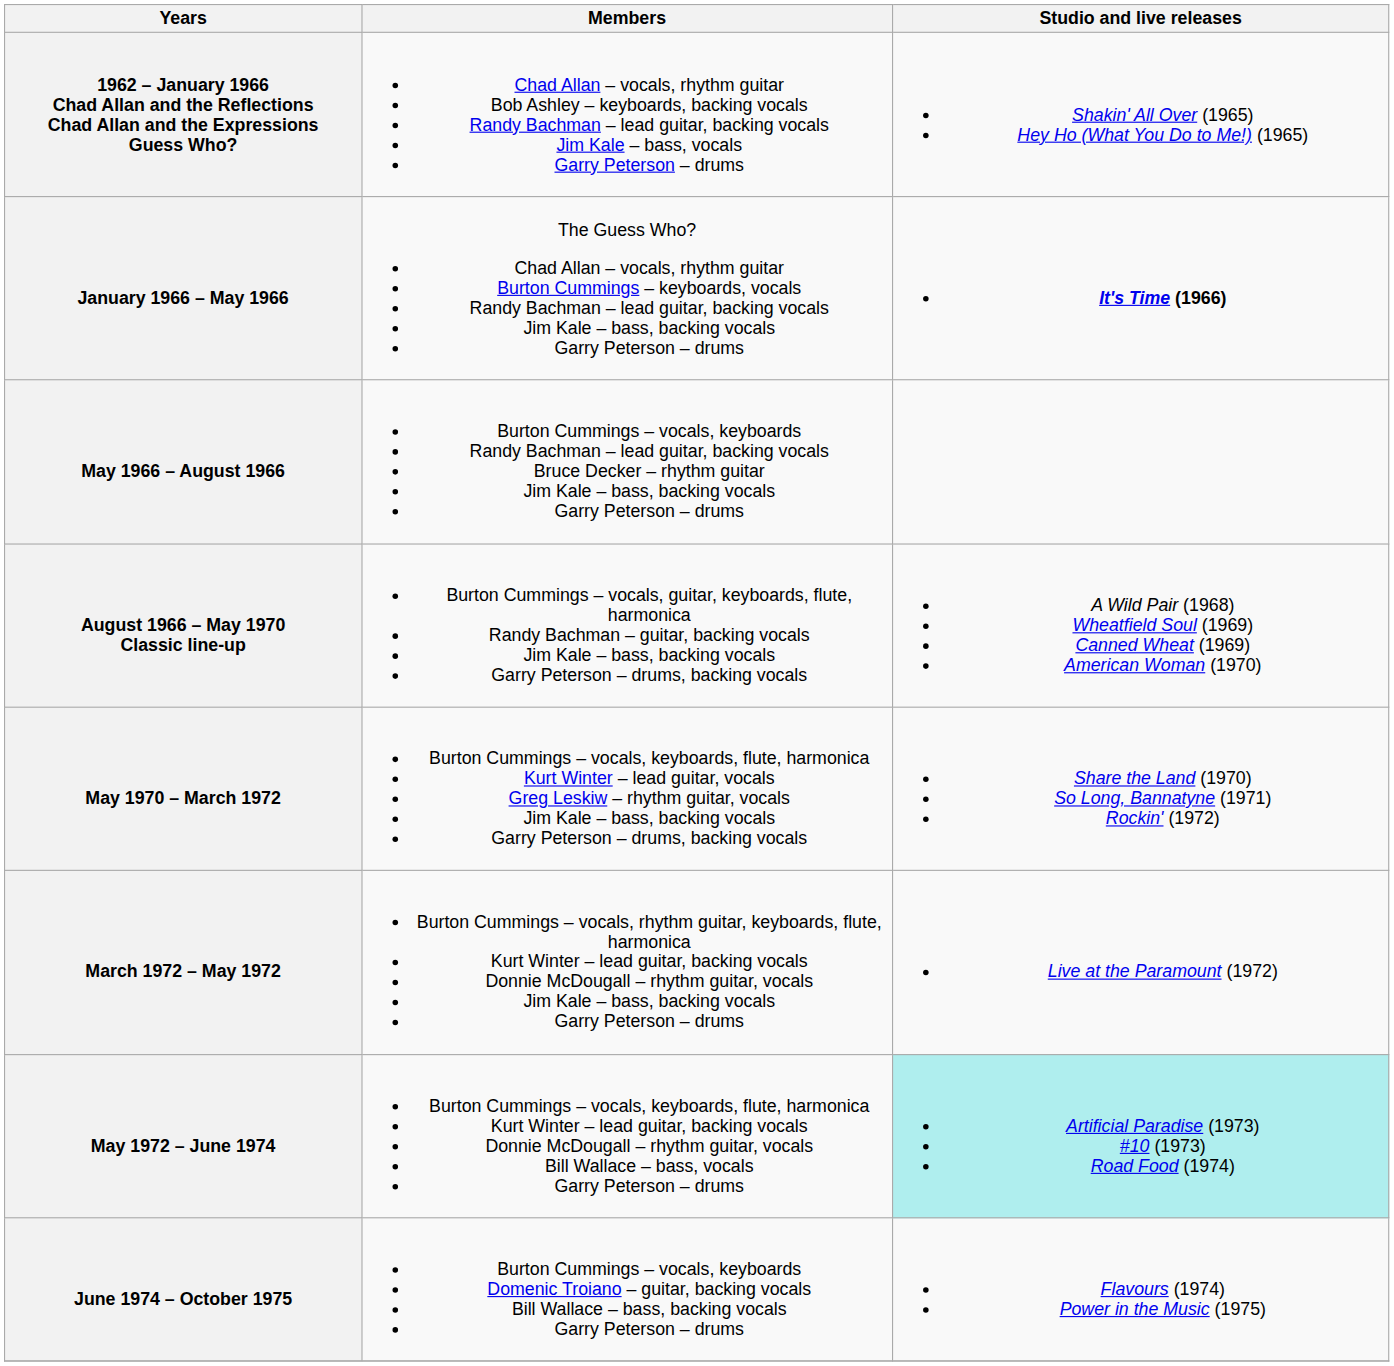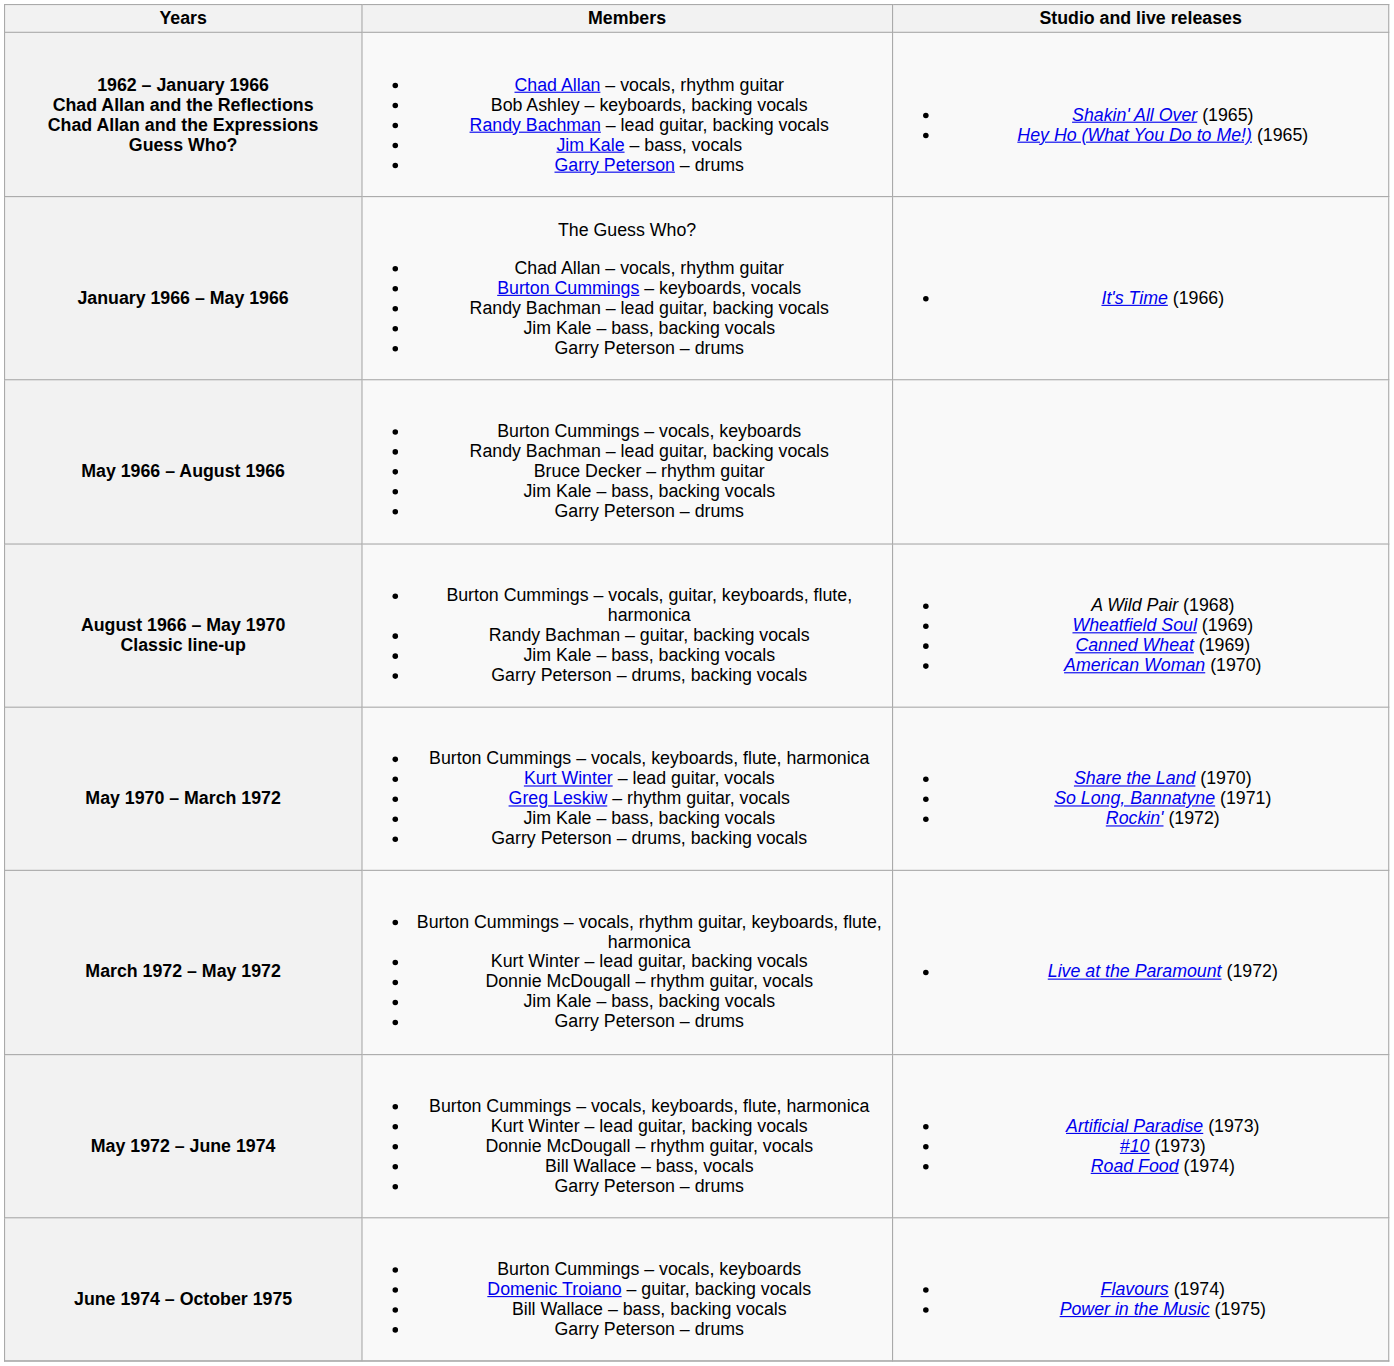 <table class="wikitable plainrowheaders" style="text-align:center;">
 <tr>
 <th scope="col" style="width:20em;">Years</th>
 <th scope="col" style="width:30em;">Members</th>
 <th scope="col" style="width:28em;">Studio and live releases</th>
 </tr>
 <tr>
 <th>1962 – January 1966<br>Chad Allan and the Reflections<br> Chad Allan and the Expressions<br> Guess Who?</th>
 <td><br><ul><li><a href='#'>Chad Allan</a> – vocals, rhythm guitar</li><li>Bob Ashley – keyboards, backing vocals</li><li><a href='#'>Randy Bachman</a> – lead guitar, backing vocals</li><li><a href='#'>Jim Kale</a> – bass, vocals</li><li><a href='#'>Garry Peterson</a> – drums</li></ul></td>
 <td><br><ul><li><em><a href='#'>Shakin' All Over</a></em> (1965)</li><li><em><a href='#'>Hey Ho (What You Do to Me!)</a></em> (1965)</li></ul></td>
 </tr>
 <tr>
 <th><br>January 1966 – May 1966</th>
 <td><br>The Guess Who?<ul><li>Chad Allan – vocals, rhythm guitar</li><li><a href='#'>Burton Cummings</a> – keyboards, vocals</li><li>Randy Bachman – lead guitar, backing vocals</li><li>Jim Kale – bass, backing vocals</li><li>Garry Peterson – drums</li></ul></td>
-<td><strong><br><ul><li><em><a href='#'>It's Time</a></em> (1966)</li></ul></strong></td>
+<td><br><ul><li><em><a href='#'>It's Time</a></em> (1966)</li></ul></td>
 </tr>
 <tr>
 <th><br>May 1966 – August 1966</th>
 <td><br><ul><li>Burton Cummings – vocals, keyboards</li><li>Randy Bachman – lead guitar, backing vocals</li><li>Bruce Decker – rhythm guitar</li><li>Jim Kale – bass, backing vocals</li><li>Garry Peterson – drums</li></ul></td>
 </tr>
 <tr>
 <th><br>August 1966 – May 1970<br>Classic line-up</th>
 <td><br><ul><li>Burton Cummings – vocals, guitar, keyboards, flute, harmonica</li><li>Randy Bachman – guitar, backing vocals</li><li>Jim Kale – bass, backing vocals</li><li>Garry Peterson – drums, backing vocals</li></ul></td>
 <td><br><ul><li><em>A Wild Pair</em> (1968) </li><li><em><a href='#'>Wheatfield Soul</a></em> (1969)</li><li><em><a href='#'>Canned Wheat</a></em> (1969)</li><li><em><a href='#'>American Woman</a></em> (1970)</li></ul></td>
 </tr>
 <tr>
 <th><br>May 1970 – March 1972</th>
 <td><br><ul><li>Burton Cummings – vocals, keyboards, flute, harmonica</li><li><a href='#'>Kurt Winter</a> – lead guitar, vocals</li><li><a href='#'>Greg Leskiw</a> – rhythm guitar, vocals</li><li>Jim Kale – bass, backing vocals</li><li>Garry Peterson – drums, backing vocals</li></ul></td>
 <td><br><ul><li><em><a href='#'>Share the Land</a></em> (1970)</li><li><em><a href='#'>So Long, Bannatyne</a></em> (1971)</li><li><em><a href='#'>Rockin'</a></em> (1972)</li></ul></td>
 </tr>
 <tr>
 <th><br>March 1972 – May 1972</th>
 <td><br><ul><li>Burton Cummings – vocals, rhythm guitar, keyboards, flute, harmonica</li><li>Kurt Winter – lead guitar, backing vocals</li><li>Donnie McDougall – rhythm guitar, vocals</li><li>Jim Kale – bass, backing vocals</li><li>Garry Peterson – drums</li></ul></td>
 <td><br><ul><li><em><a href='#'>Live at the Paramount</a></em> (1972)</li></ul></td>
 </tr>
 <tr>
 <th><br>May 1972 – June 1974</th>
 <td><br><ul><li>Burton Cummings – vocals, keyboards, flute, harmonica</li><li>Kurt Winter – lead guitar, backing vocals</li><li>Donnie McDougall – rhythm guitar, vocals</li><li>Bill Wallace – bass, vocals</li><li>Garry Peterson – drums</li></ul></td>
-<td style="background: paleturquoise;"><br><ul><li><em><a href='#'>Artificial Paradise</a></em> (1973)</li><li><em><a href='#'>#10</a></em> (1973)</li><li><em><a href='#'>Road Food</a></em> (1974)</li></ul></td>
+<td><br><ul><li><em><a href='#'>Artificial Paradise</a></em> (1973)</li><li><em><a href='#'>#10</a></em> (1973)</li><li><em><a href='#'>Road Food</a></em> (1974)</li></ul></td>
 </tr>
 <tr>
 <th><br>June 1974 – October 1975</th>
 <td><br><ul><li>Burton Cummings – vocals, keyboards</li><li><a href='#'>Domenic Troiano</a> – guitar, backing vocals</li><li>Bill Wallace – bass, backing vocals</li><li>Garry Peterson – drums</li></ul></td>
 <td><br><ul><li><em><a href='#'>Flavours</a></em> (1974)</li><li><em><a href='#'>Power in the Music</a></em> (1975)</li></ul></td>
 </tr>
 <tr>
 </tr>
 </table>
